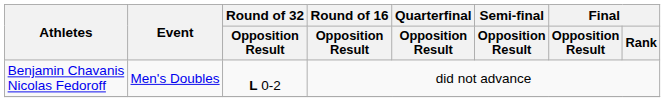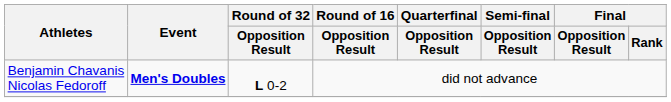 <table class=wikitable style=font-size:90%;text-align:center>
 <tr>
 <th rowspan=2>Athletes</th>
 <th rowspan=2>Event</th>
 <th>Round of 32</th>
 <th>Round of 16</th>
 <th>Quarterfinal</th>
 <th>Semi-final</th>
 <th colspan=2>Final</th>
 </tr>
 <tr style=font-size:95%>
 <th>Opposition<br>Result</th>
 <th>Opposition<br>Result</th>
 <th>Opposition<br>Result</th>
 <th>Opposition<br>Result</th>
 <th>Opposition<br>Result</th>
 <th>Rank</th>
 </tr>
 <tr>
 <td align=left><a href='#'>Benjamin Chavanis</a><br><a href='#'>Nicolas Fedoroff</a></td>
-<td style="text-align:left;"><a href='#'>Men's Doubles</a></td>
+<td style="text-align:left;"><strong><a href='#'>Men's Doubles</a></strong></td>
 <td> <br> <strong>L</strong> 0-2</td>
 <td colspan=5>did not advance</td>
 </tr>
 <tr>
 </tr>
 </table>
